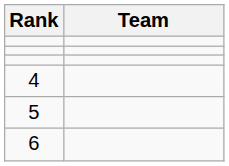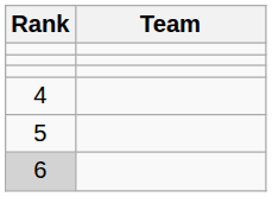 <table class="wikitable sortable" style="text-align:center">
 <tr>
 <th data-sort-type="number">Rank</th>
 <th style="width:120px;">Team</th>
 </tr>
 <tr>
 <td></td>
 <td align=left></td>
 </tr>
 <tr>
 <td></td>
 <td align=left></td>
 </tr>
 <tr>
 <td></td>
 <td align=left></td>
 </tr>
 <tr>
 <td>4</td>
 <td align=left></td>
 </tr>
 <tr>
 <td>5</td>
 <td align=left></td>
 </tr>
 <tr>
-<td>6</td>
+<td style="background: lightgrey;">6</td>
 <td align=left></td>
 </tr>
 </table>
